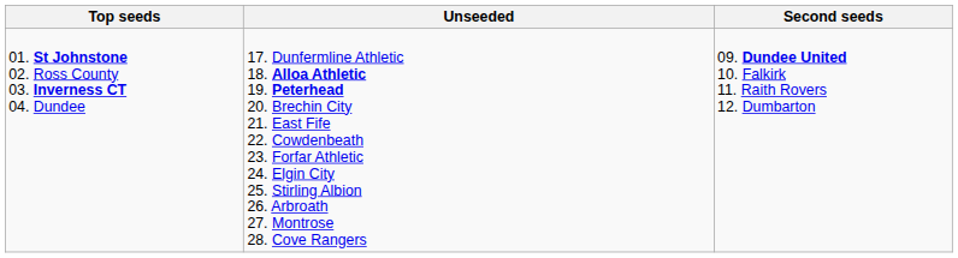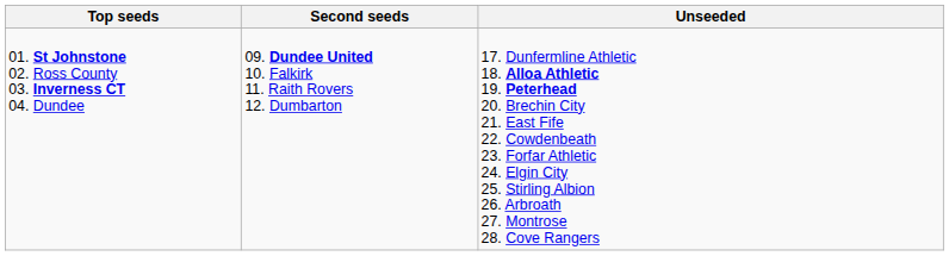 <table class="wikitable">
 <tr>
 <th style="width:250px;">Top seeds</th>
+<th style="width:250px;">Second seeds</th>
 <th style="width:500px;">Unseeded</th>
-<th style="width:250px;">Second seeds</th>
 </tr>
 <tr>
 <td valign=top><br>01. <strong><a href='#'>St Johnstone</a></strong><br> 02. <a href='#'>Ross County</a><br> 03. <strong><a href='#'>Inverness CT</a></strong><br> 04. <a href='#'>Dundee</a><br></td>
+<td valign=top><br>09. <strong><a href='#'>Dundee United</a></strong><br> 10. <a href='#'>Falkirk</a><br> 11. <a href='#'>Raith Rovers</a><br> 12. <a href='#'>Dumbarton</a><br></td>
 <td valign=top><br>  17. <a href='#'>Dunfermline Athletic</a><br> 18. <strong><a href='#'>Alloa Athletic</a></strong><br> 19. <strong><a href='#'>Peterhead</a></strong><br> 20. <a href='#'>Brechin City</a><br> 21. <a href='#'>East Fife</a><br> 22. <a href='#'>Cowdenbeath</a><br>  23. <a href='#'>Forfar Athletic</a><br> 24. <a href='#'>Elgin City</a><br> 25. <a href='#'>Stirling Albion</a><br> 26. <a href='#'>Arbroath</a><br> 27. <a href='#'>Montrose</a><br> 28. <a href='#'>Cove Rangers</a><br> </td>
-<td valign=top><br>09. <strong><a href='#'>Dundee United</a></strong><br> 10. <a href='#'>Falkirk</a><br> 11. <a href='#'>Raith Rovers</a><br> 12. <a href='#'>Dumbarton</a><br></td>
 </tr>
 </table>
